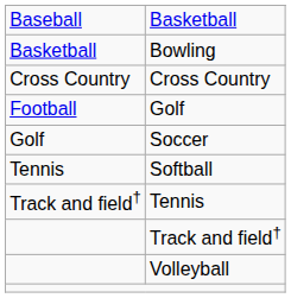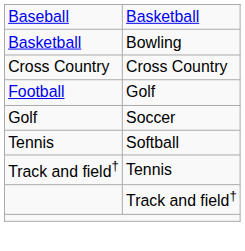 <table class="wikitable">
 <tr>
 </tr>
 <tr>
 <td><a href='#'>Baseball</a></td>
 <td><a href='#'>Basketball</a></td>
 </tr>
 <tr>
 <td><a href='#'>Basketball</a></td>
 <td>Bowling</td>
 </tr>
 <tr>
 <td>Cross Country</td>
 <td>Cross Country</td>
 </tr>
 <tr>
 <td><a href='#'>Football</a></td>
 <td>Golf</td>
 </tr>
 <tr>
 <td>Golf</td>
 <td>Soccer</td>
 </tr>
 <tr>
 <td>Tennis</td>
 <td>Softball</td>
 </tr>
 <tr>
 <td>Track and field<sup>†</sup></td>
 <td>Tennis</td>
 </tr>
 <tr>
 <td></td>
 <td>Track and field<sup>†</sup></td>
 </tr>
 <tr>
-<td></td>
-<td>Volleyball</td>
-</tr>
-<tr>
 <td colspan="2"></td>
 </tr>
 </table>
